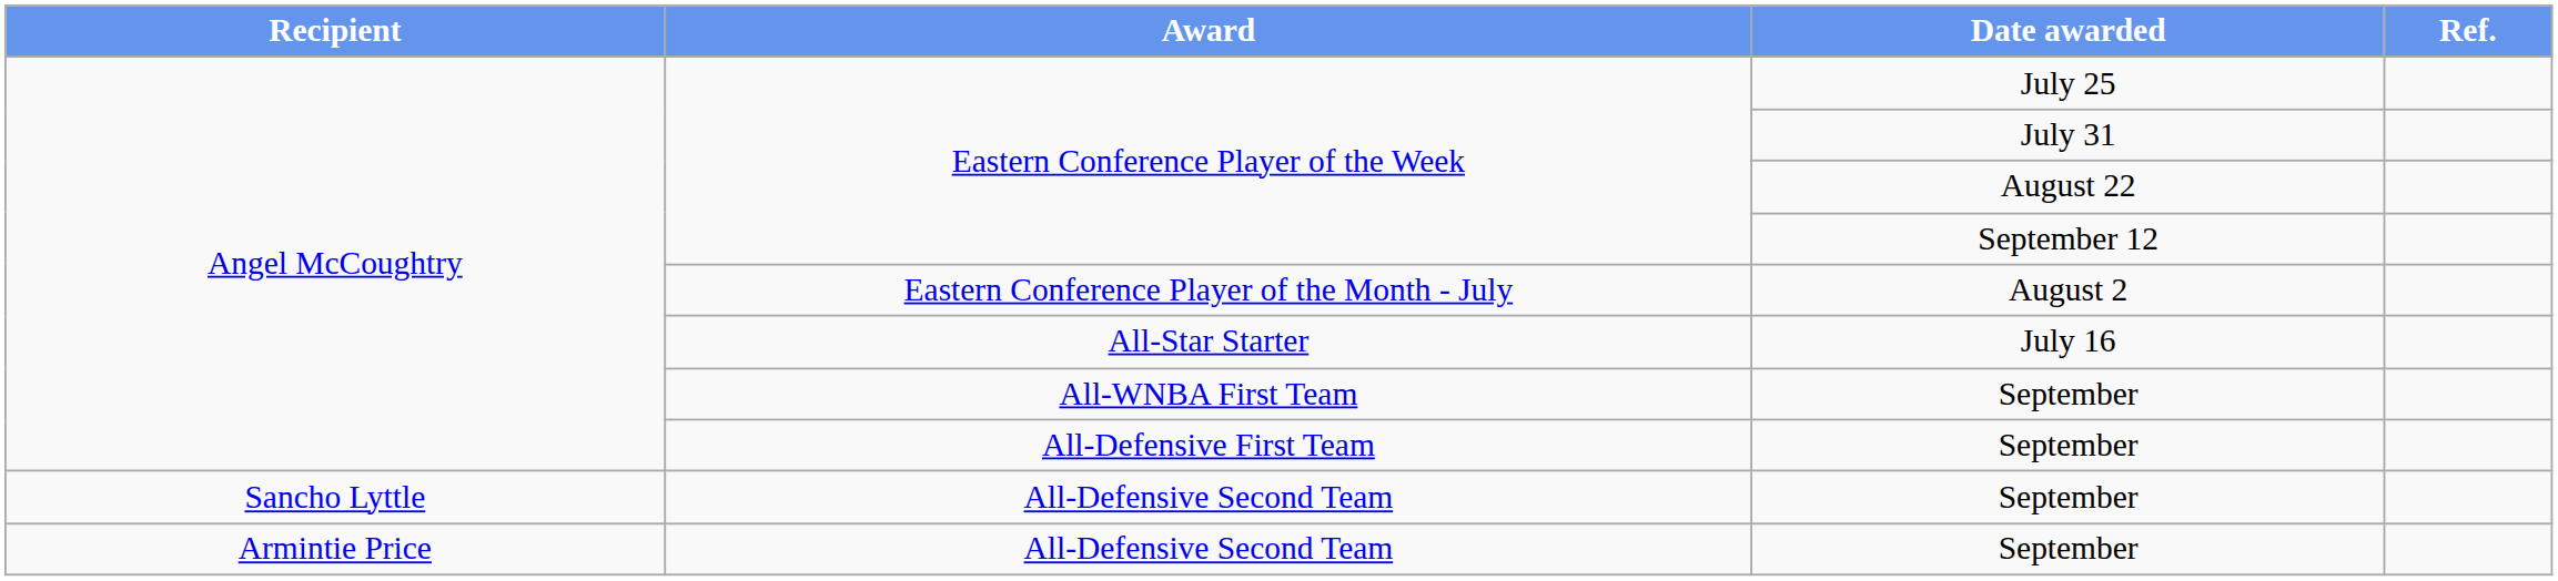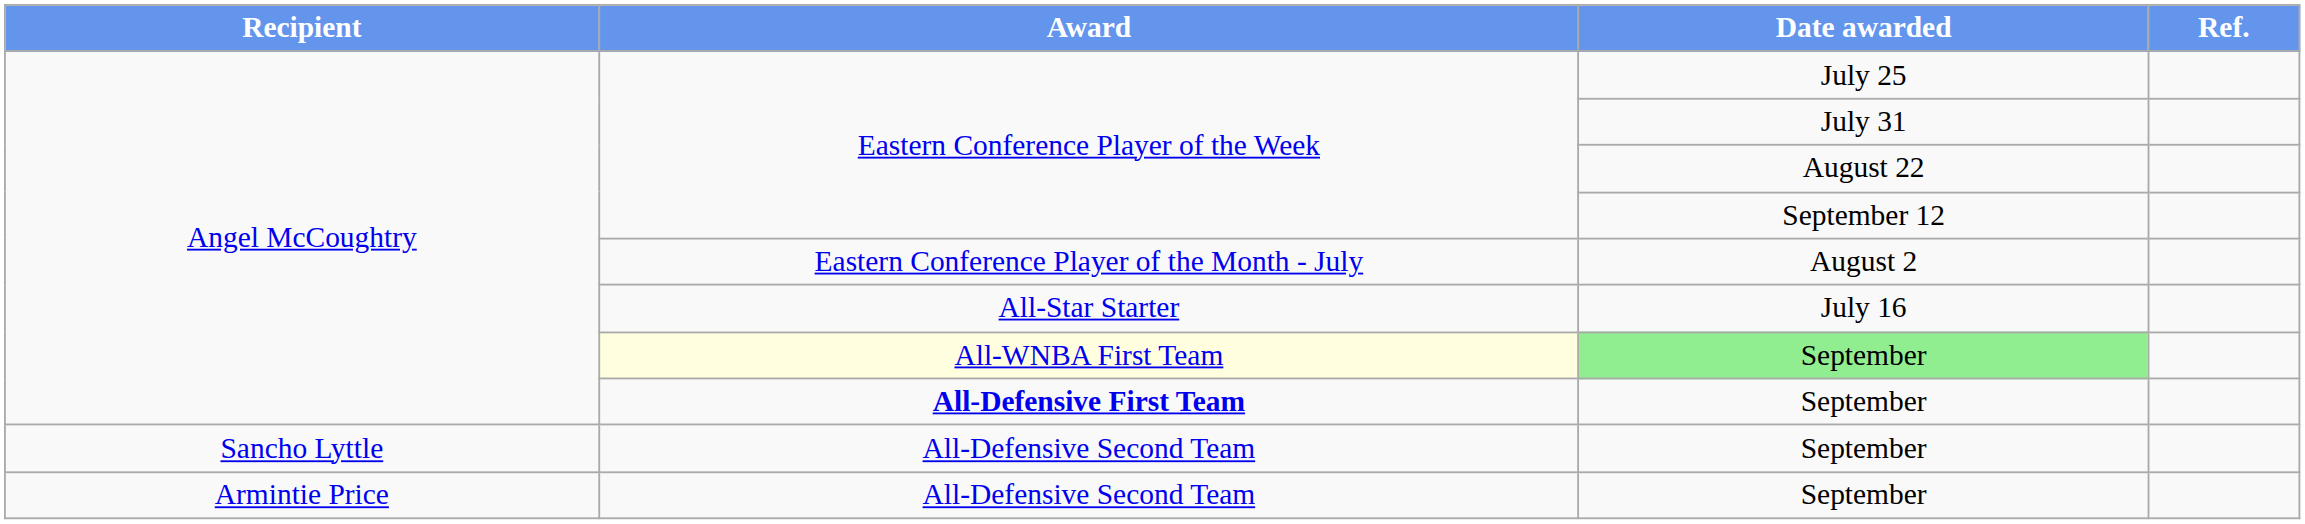 <table class="wikitable sortable sortable" style="text-align: center">
 <tr>
 <th style="background:#6495ED;color:white"; width="5%">Recipient</th>
 <th style="background:#6495ED;color:white"; width="9%">Award</th>
 <th style="background:#6495ED;color:white"; width="5%">Date awarded</th>
 <th style="background:#6495ED;color:white"; width="1%" class="unsortable">Ref.</th>
 </tr>
 <tr>
 <td rowspan=8><a href='#'>Angel McCoughtry</a></td>
 <td rowspan=4><a href='#'>Eastern Conference Player of the Week</a></td>
 <td>July 25</td>
 <td></td>
 </tr>
 <tr>
 <td>July 31</td>
 <td></td>
 </tr>
 <tr>
 <td>August 22</td>
 <td></td>
 </tr>
 <tr>
 <td>September 12</td>
 <td></td>
 </tr>
 <tr>
 <td><a href='#'>Eastern Conference Player of the Month - July</a></td>
 <td>August 2</td>
 <td></td>
 </tr>
 <tr>
 <td><a href='#'>All-Star Starter</a></td>
 <td>July 16</td>
 <td></td>
 </tr>
 <tr>
-<td><a href='#'>All-WNBA First Team</a></td>
-<td>September</td>
+<td style="background: lightyellow;"><a href='#'>All-WNBA First Team</a></td>
+<td style="background: lightgreen;">September</td>
 <td></td>
 </tr>
 <tr>
-<td><a href='#'>All-Defensive First Team</a></td>
+<td><strong><a href='#'>All-Defensive First Team</a></strong></td>
 <td>September</td>
 <td></td>
 </tr>
 <tr>
 <td><a href='#'>Sancho Lyttle</a></td>
 <td><a href='#'>All-Defensive Second Team</a></td>
 <td>September</td>
 <td></td>
 </tr>
 <tr>
 <td><a href='#'>Armintie Price</a></td>
 <td><a href='#'>All-Defensive Second Team</a></td>
 <td>September</td>
 <td></td>
 </tr>
 </table>
